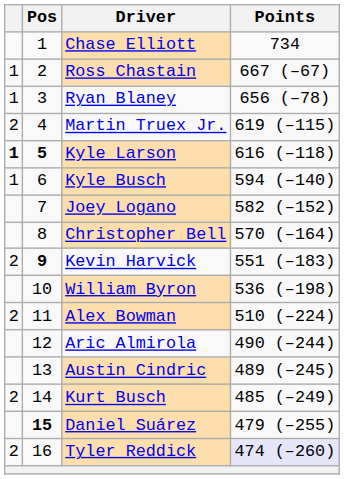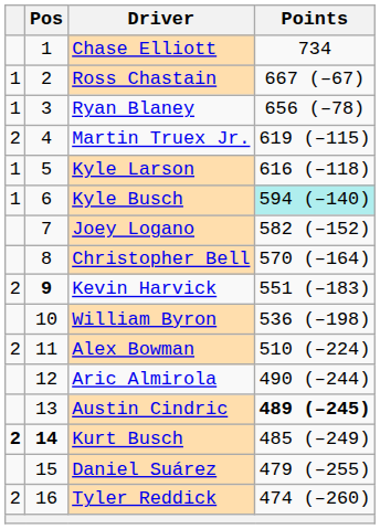 <table class="wikitable" style="font-size: 95%">
 <tr>
 <th></th>
 <th>Pos</th>
 <th>Driver</th>
 <th>Points</th>
 </tr>
 <tr>
 <td align="left"></td>
 <td style="text-align:center;">1</td>
 <td style="background:#FFDEAD;"><a href='#'>Chase Elliott</a></td>
 <td style="text-align:center;">734</td>
 </tr>
 <tr>
 <td align="left"> 1</td>
 <td style="text-align:center;">2</td>
 <td style="background:#FFDEAD;"><a href='#'>Ross Chastain</a></td>
 <td style="text-align:center;">667 (–67)</td>
 </tr>
 <tr>
 <td align="left"> 1</td>
 <td style="text-align:center;">3</td>
 <td><a href='#'>Ryan Blaney</a></td>
 <td style="text-align:center;">656 (–78)</td>
 </tr>
 <tr>
 <td align="left"> 2</td>
 <td style="text-align:center;">4</td>
 <td><a href='#'>Martin Truex Jr.</a></td>
 <td style="text-align:center;">619 (–115)</td>
 </tr>
 <tr>
-<td align="left"><strong> 1</strong></td>
-<td style="text-align:center;"><strong>5</strong></td>
+<td align="left"> 1</td>
+<td style="text-align:center;">5</td>
 <td style="background:#FFDEAD;"><a href='#'>Kyle Larson</a></td>
 <td style="text-align:center;">616 (–118)</td>
 </tr>
 <tr>
 <td align="left"> 1</td>
 <td style="text-align:center;">6</td>
 <td style="background:#FFDEAD;"><a href='#'>Kyle Busch</a></td>
-<td style="text-align:center;">594 (–140)</td>
+<td style="background: paleturquoise; text-align:center;">594 (–140)</td>
 </tr>
 <tr>
 <td align="left"></td>
 <td style="text-align:center;">7</td>
 <td style="background:#FFDEAD;"><a href='#'>Joey Logano</a></td>
 <td style="text-align:center;">582 (–152)</td>
 </tr>
 <tr>
 <td align="left"></td>
 <td style="text-align:center;">8</td>
 <td style="background:#FFDEAD;"><a href='#'>Christopher Bell</a></td>
 <td style="text-align:center;">570 (–164)</td>
 </tr>
 <tr>
 <td align="left"> 2</td>
 <td style="text-align:center;"><strong>9</strong></td>
 <td><a href='#'>Kevin Harvick</a></td>
 <td style="text-align:center;">551 (–183)</td>
 </tr>
 <tr>
 <td align="left"></td>
 <td style="text-align:center;">10</td>
 <td style="background:#FFDEAD;"><a href='#'>William Byron</a></td>
 <td style="text-align:center;">536 (–198)</td>
 </tr>
 <tr>
 <td align="left"> 2</td>
 <td style="text-align:center;">11</td>
 <td style="background:#FFDEAD;"><a href='#'>Alex Bowman</a></td>
 <td style="text-align:center;">510 (–224)</td>
 </tr>
 <tr>
 <td align="left"></td>
 <td style="text-align:center;">12</td>
 <td><a href='#'>Aric Almirola</a></td>
 <td style="text-align:center;">490 (–244)</td>
 </tr>
 <tr>
 <td align="left"></td>
 <td style="text-align:center;">13</td>
 <td style="background:#FFDEAD;"><a href='#'>Austin Cindric</a></td>
-<td style="text-align:center;">489 (–245)</td>
+<td style="text-align:center;"><strong>489 (–245)</strong></td>
 </tr>
 <tr>
-<td align="left"> 2</td>
-<td style="text-align:center;">14</td>
+<td align="left"><strong> 2</strong></td>
+<td style="text-align:center;"><strong>14</strong></td>
 <td style="background:#FFDEAD;"><a href='#'>Kurt Busch</a></td>
 <td style="text-align:center;">485 (–249)</td>
 </tr>
 <tr>
 <td align="left"></td>
-<td style="text-align:center;"><strong>15</strong></td>
+<td style="text-align:center;">15</td>
 <td style="background:#FFDEAD;"><a href='#'>Daniel Suárez</a></td>
 <td style="text-align:center;">479 (–255)</td>
 </tr>
 <tr>
 <td align="left"> 2</td>
 <td style="text-align:center;">16</td>
 <td style="background:#FFDEAD;"><a href='#'>Tyler Reddick</a></td>
-<td style="background: lavender; text-align:center;">474 (–260)</td>
+<td style="text-align:center;">474 (–260)</td>
 </tr>
 <tr class="sortbottom">
 <th colspan="9"></th>
 </tr>
 </table>
